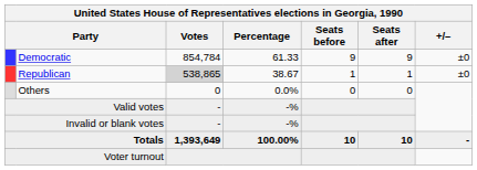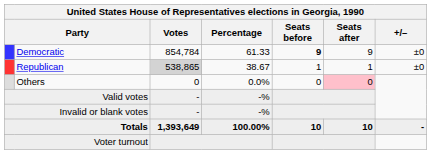 <table class="wikitable" style="font-size: 95%;">
 <tr>
 <th colspan="7">United States House of Representatives elections in Georgia, 1990</th>
 </tr>
 <tr>
 <th colspan=2 style="width: 15em">Party</th>
 <th style="width: 5em">Votes</th>
 <th style="width: 7em">Percentage</th>
 <th style="width: 5em">Seats before</th>
 <th style="width: 5em">Seats after</th>
 <th style="width: 5em">+/–</th>
 </tr>
 <tr>
 <th style="background-color:#3333FF; width: 3px"></th>
 <td style="width: 130px"><a href='#'>Democratic</a></td>
 <td align="right">854,784</td>
 <td align="right">61.33</td>
-<td align="right">9</td>
+<td align="right"><strong>9</strong></td>
 <td align="right">9</td>
 <td align="right">±0</td>
 </tr>
 <tr>
 <th style="background-color:#FF3333; width: 3px"></th>
 <td style="width: 130px"><a href='#'>Republican</a></td>
 <td align="right" style="background: lightgrey;">538,865</td>
 <td align="right">38.67</td>
 <td align="right">1</td>
 <td align="right">1</td>
 <td align="right">±0</td>
 </tr>
 <tr>
 <th style="background-color:#DDDDDD; width: 3px"></th>
 <td style="width: 130px">Others</td>
 <td align="right">0</td>
 <td align="right">0.0%</td>
 <td align="right">0</td>
-<td align="right">0</td>
+<td align="right" style="background: pink;">0</td>
 </tr>
 <tr bgcolor="#EEEEEE">
 <td colspan="2" align="right">Valid votes</td>
 <td align="right">-</td>
 <td align="right">-%</td>
 <td colspan="2" align="right"></td>
 </tr>
 <tr bgcolor="#EEEEEE">
 <td colspan="2" align="right">Invalid or blank votes</td>
 <td align="right">-</td>
 <td align="right">-%</td>
 <td colspan="2" align="right"></td>
 </tr>
 <tr bgcolor="#EEEEEE">
 <td colspan="2" align="right"><strong>Totals</strong></td>
 <td align="right"><strong>1,393,649</strong></td>
 <td align="right"><strong>100.00%</strong></td>
 <td align="right"><strong>10</strong></td>
 <td align="right"><strong>10</strong></td>
 <td align="right"><strong>-</strong></td>
 </tr>
 <tr bgcolor="#EEEEEE">
 <td colspan="2" align="right">Voter turnout</td>
 <td colspan="2" align="right"></td>
 <td colspan="2" align="right"></td>
 </tr>
 </table>
